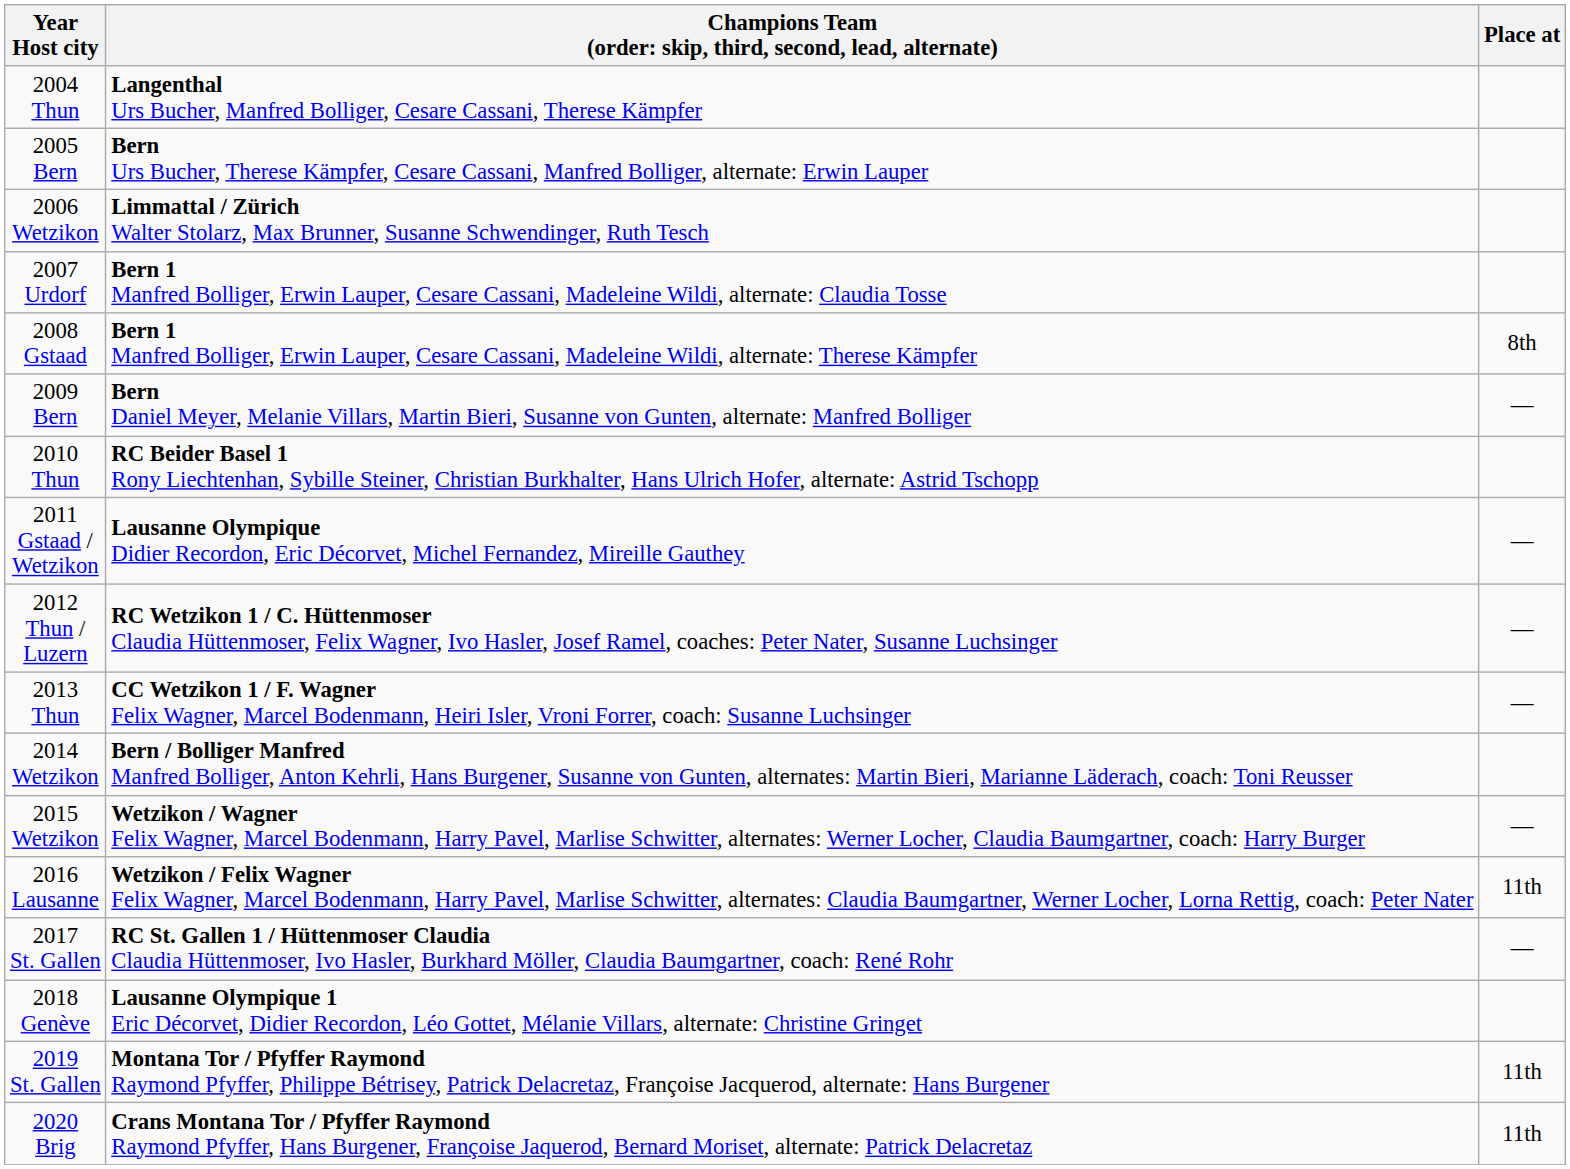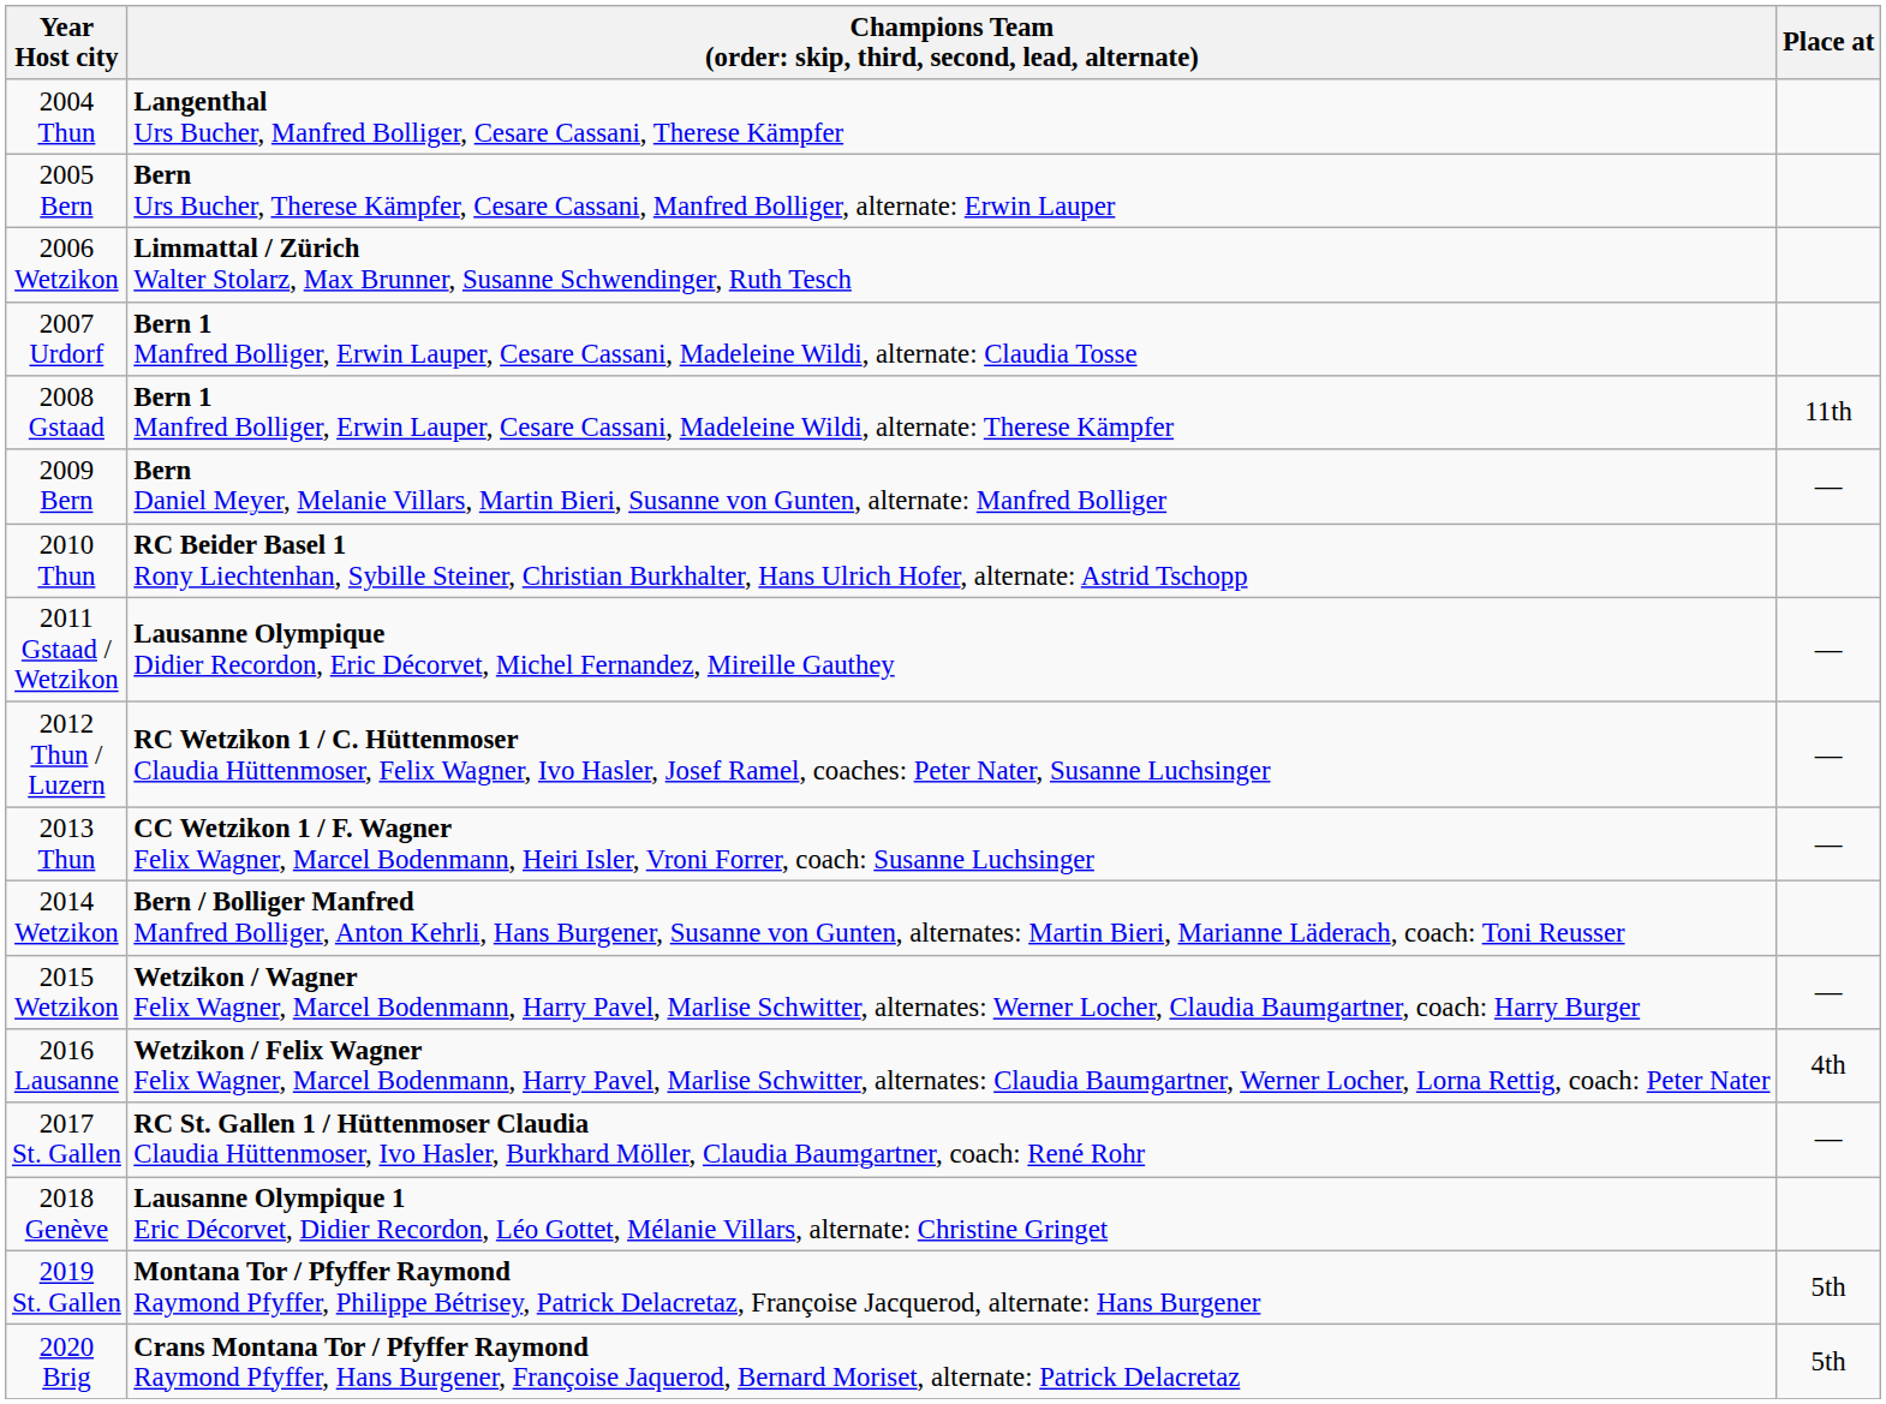 <table class="wikitable" style="text-align:center;">
 <tr>
 <th scope="col">Year<br>Host city</th>
 <th scope="col">Champions Team<br>(order: skip, third, second, lead, alternate)</th>
 <th scope="col">Place at<br></th>
 </tr>
 <tr>
 <td>2004<br><a href='#'>Thun</a></td>
 <td align="left"><strong>Langenthal</strong><br><a href='#'>Urs Bucher</a>, <a href='#'>Manfred Bolliger</a>, <a href='#'>Cesare Cassani</a>, <a href='#'>Therese Kämpfer</a></td>
 <td></td>
 </tr>
 <tr>
 <td>2005<br><a href='#'>Bern</a></td>
 <td align="left"><strong>Bern</strong><br><a href='#'>Urs Bucher</a>, <a href='#'>Therese Kämpfer</a>, <a href='#'>Cesare Cassani</a>, <a href='#'>Manfred Bolliger</a>, alternate: <a href='#'>Erwin Lauper</a></td>
 <td></td>
 </tr>
 <tr>
 <td>2006<br><a href='#'>Wetzikon</a></td>
 <td align="left"><strong>Limmattal / Zürich</strong><br><a href='#'>Walter Stolarz</a>, <a href='#'>Max Brunner</a>, <a href='#'>Susanne Schwendinger</a>, <a href='#'>Ruth Tesch</a></td>
 <td></td>
 </tr>
 <tr>
 <td>2007<br><a href='#'>Urdorf</a></td>
 <td align="left"><strong>Bern 1</strong><br><a href='#'>Manfred Bolliger</a>, <a href='#'>Erwin Lauper</a>, <a href='#'>Cesare Cassani</a>, <a href='#'>Madeleine Wildi</a>, alternate: <a href='#'>Claudia Tosse</a></td>
 <td></td>
 </tr>
 <tr>
 <td>2008<br><a href='#'>Gstaad</a></td>
 <td align="left"><strong>Bern 1</strong><br><a href='#'>Manfred Bolliger</a>, <a href='#'>Erwin Lauper</a>, <a href='#'>Cesare Cassani</a>, <a href='#'>Madeleine Wildi</a>, alternate: <a href='#'>Therese Kämpfer</a></td>
-<td>8th</td>
+<td>11th</td>
 </tr>
 <tr>
 <td>2009<br><a href='#'>Bern</a></td>
 <td align="left"><strong>Bern</strong><br><a href='#'>Daniel Meyer</a>, <a href='#'>Melanie Villars</a>, <a href='#'>Martin Bieri</a>, <a href='#'>Susanne von Gunten</a>, alternate: <a href='#'>Manfred Bolliger</a></td>
 <td>—</td>
 </tr>
 <tr>
 <td>2010<br><a href='#'>Thun</a></td>
 <td align="left"><strong>RC Beider Basel 1</strong><br><a href='#'>Rony Liechtenhan</a>, <a href='#'>Sybille Steiner</a>, <a href='#'>Christian Burkhalter</a>, <a href='#'>Hans Ulrich Hofer</a>, alternate: <a href='#'>Astrid Tschopp</a></td>
 <td></td>
 </tr>
 <tr>
 <td>2011<br><a href='#'>Gstaad</a> /<br><a href='#'>Wetzikon</a></td>
 <td align="left"><strong>Lausanne Olympique</strong><br><a href='#'>Didier Recordon</a>, <a href='#'>Eric Décorvet</a>, <a href='#'>Michel Fernandez</a>, <a href='#'>Mireille Gauthey</a></td>
 <td>—</td>
 </tr>
 <tr>
 <td>2012<br><a href='#'>Thun</a> /<br><a href='#'>Luzern</a></td>
 <td align="left"><strong>RC Wetzikon 1 / C. Hüttenmoser</strong><br><a href='#'>Claudia Hüttenmoser</a>, <a href='#'>Felix Wagner</a>, <a href='#'>Ivo Hasler</a>, <a href='#'>Josef Ramel</a>, coaches: <a href='#'>Peter Nater</a>, <a href='#'>Susanne Luchsinger</a></td>
 <td>—</td>
 </tr>
 <tr>
 <td>2013<br><a href='#'>Thun</a></td>
 <td align="left"><strong>CC Wetzikon 1 / F. Wagner</strong><br><a href='#'>Felix Wagner</a>, <a href='#'>Marcel Bodenmann</a>, <a href='#'>Heiri Isler</a>, <a href='#'>Vroni Forrer</a>, coach: <a href='#'>Susanne Luchsinger</a></td>
 <td>—</td>
 </tr>
 <tr>
 <td>2014<br><a href='#'>Wetzikon</a></td>
 <td align="left"><strong>Bern / Bolliger Manfred</strong><br><a href='#'>Manfred Bolliger</a>, <a href='#'>Anton Kehrli</a>, <a href='#'>Hans Burgener</a>, <a href='#'>Susanne von Gunten</a>, alternates: <a href='#'>Martin Bieri</a>, <a href='#'>Marianne Läderach</a>, coach: <a href='#'>Toni Reusser</a></td>
 <td></td>
 </tr>
 <tr>
 <td>2015<br><a href='#'>Wetzikon</a></td>
 <td align="left"><strong>Wetzikon / Wagner</strong><br><a href='#'>Felix Wagner</a>, <a href='#'>Marcel Bodenmann</a>, <a href='#'>Harry Pavel</a>, <a href='#'>Marlise Schwitter</a>, alternates: <a href='#'>Werner Locher</a>, <a href='#'>Claudia Baumgartner</a>, coach: <a href='#'>Harry Burger</a></td>
 <td>—</td>
 </tr>
 <tr>
 <td>2016<br><a href='#'>Lausanne</a></td>
 <td align="left"><strong>Wetzikon / Felix Wagner</strong><br><a href='#'>Felix Wagner</a>, <a href='#'>Marcel Bodenmann</a>, <a href='#'>Harry Pavel</a>, <a href='#'>Marlise Schwitter</a>, alternates: <a href='#'>Claudia Baumgartner</a>, <a href='#'>Werner Locher</a>, <a href='#'>Lorna Rettig</a>, coach: <a href='#'>Peter Nater</a></td>
-<td>11th</td>
+<td>4th</td>
 </tr>
 <tr>
 <td>2017<br><a href='#'>St. Gallen</a></td>
 <td align="left"><strong>RC St. Gallen 1 / Hüttenmoser Claudia</strong><br><a href='#'>Claudia Hüttenmoser</a>, <a href='#'>Ivo Hasler</a>, <a href='#'>Burkhard Möller</a>, <a href='#'>Claudia Baumgartner</a>, coach: <a href='#'>René Rohr</a></td>
 <td>—</td>
 </tr>
 <tr>
 <td>2018<br><a href='#'>Genève</a></td>
 <td align="left"><strong>Lausanne Olympique 1</strong><br><a href='#'>Eric Décorvet</a>, <a href='#'>Didier Recordon</a>, <a href='#'>Léo Gottet</a>, <a href='#'>Mélanie Villars</a>, alternate: <a href='#'>Christine Gringet</a></td>
 <td></td>
 </tr>
 <tr>
 <td><a href='#'>2019</a><br><a href='#'>St. Gallen</a></td>
 <td align="left"><strong>Montana Tor / Pfyffer Raymond</strong><br><a href='#'>Raymond Pfyffer</a>, <a href='#'>Philippe Bétrisey</a>, <a href='#'>Patrick Delacretaz</a>, Françoise Jacquerod, alternate: <a href='#'>Hans Burgener</a></td>
-<td>11th</td>
+<td>5th</td>
 </tr>
 <tr>
 <td><a href='#'>2020</a><br><a href='#'>Brig</a></td>
 <td align="left"><strong>Crans Montana Tor / Pfyffer Raymond</strong><br><a href='#'>Raymond Pfyffer</a>, <a href='#'>Hans Burgener</a>, <a href='#'>Françoise Jaquerod</a>, <a href='#'>Bernard Moriset</a>, alternate: <a href='#'>Patrick Delacretaz</a></td>
-<td>11th</td>
+<td>5th</td>
 </tr>
 </table>
